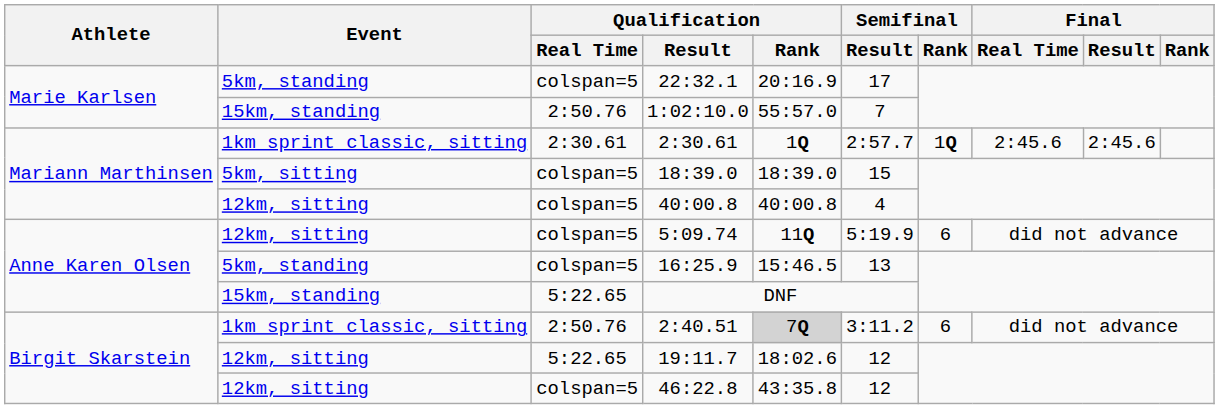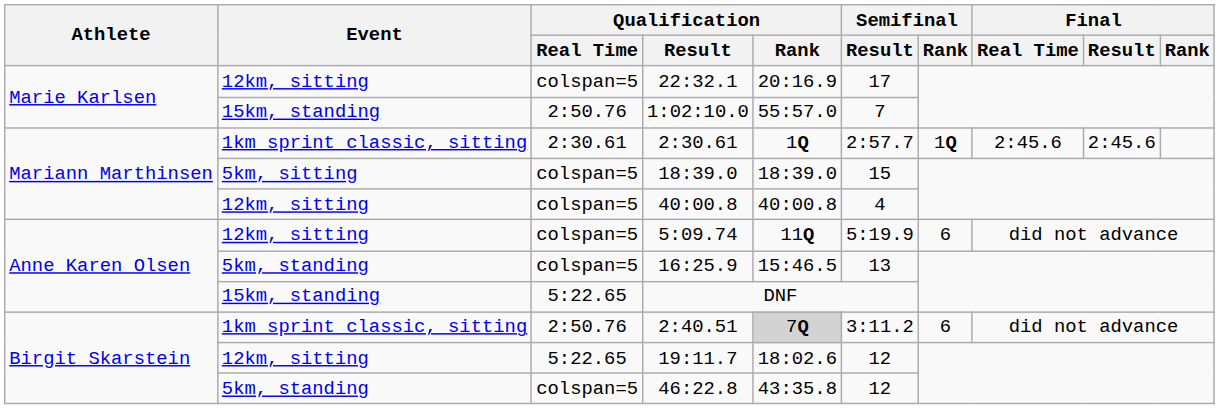 <table class="wikitable" style="font-size:100%">
 <tr>
 <th rowspan="2">Athlete</th>
 <th rowspan="2">Event</th>
 <th colspan="3">Qualification</th>
 <th colspan="2">Semifinal</th>
 <th colspan="3">Final</th>
 </tr>
 <tr>
 <th>Real Time</th>
 <th>Result</th>
 <th>Rank</th>
 <th>Result</th>
 <th>Rank</th>
 <th>Real Time</th>
 <th>Result</th>
 <th>Rank</th>
 </tr>
 <tr>
 <td rowspan=2><a href='#'>Marie Karlsen</a></td>
-<td><a href='#'>5km, standing</a></td>
+<td><a href='#'>12km, sitting</a></td>
 <td>colspan=5 </td>
 <td align="center">22:32.1</td>
 <td align="center">20:16.9</td>
 <td align="center">17</td>
 </tr>
 <tr>
 <td><a href='#'>15km, standing</a></td>
 <td align="center">2:50.76</td>
 <td align="center">1:02:10.0</td>
 <td align="center">55:57.0</td>
 <td align="center">7</td>
 </tr>
 <tr>
 <td rowspan=3><a href='#'>Mariann Marthinsen</a></td>
 <td><a href='#'>1km sprint classic, sitting</a></td>
 <td align="center">2:30.61</td>
 <td align="center">2:30.61</td>
 <td align="center">1<strong>Q</strong></td>
 <td align="center">2:57.7</td>
 <td align="center">1<strong>Q</strong></td>
 <td align="center">2:45.6</td>
 <td align="center">2:45.6</td>
 <td align="center"></td>
 </tr>
 <tr>
 <td><a href='#'>5km, sitting</a></td>
 <td>colspan=5 </td>
 <td align="center">18:39.0</td>
 <td align="center">18:39.0</td>
 <td align="center">15</td>
 </tr>
 <tr>
 <td><a href='#'>12km, sitting</a></td>
 <td>colspan=5 </td>
 <td align="center">40:00.8</td>
 <td align="center">40:00.8</td>
 <td align="center">4</td>
 </tr>
 <tr>
 <td rowspan=3><a href='#'>Anne Karen Olsen</a></td>
 <td><a href='#'>12km, sitting</a></td>
 <td>colspan=5 </td>
 <td align="center">5:09.74</td>
 <td align="center">11<strong>Q</strong></td>
 <td align="center">5:19.9</td>
 <td align="center">6</td>
 <td colspan=3 align="center">did not advance</td>
 </tr>
 <tr>
 <td><a href='#'>5km, standing</a></td>
 <td>colspan=5 </td>
 <td align="center">16:25.9</td>
 <td align="center">15:46.5</td>
 <td align="center">13</td>
 </tr>
 <tr>
 <td><a href='#'>15km, standing</a></td>
 <td align="center">5:22.65</td>
 <td align="center" colspan=3>DNF</td>
 </tr>
 <tr>
 <td rowspan=3><a href='#'>Birgit Skarstein</a></td>
 <td><a href='#'>1km sprint classic, sitting</a></td>
 <td align="center">2:50.76</td>
 <td align="center">2:40.51</td>
 <td align="center" style="background: lightgrey;">7<strong>Q</strong></td>
 <td align="center">3:11.2</td>
 <td align="center">6</td>
 <td colspan=3 align="center">did not advance</td>
 </tr>
 <tr>
 <td><a href='#'>12km, sitting</a></td>
 <td align="center">5:22.65</td>
 <td align="center">19:11.7</td>
 <td align="center">18:02.6</td>
 <td align="center">12</td>
 </tr>
 <tr>
-<td><a href='#'>12km, sitting</a></td>
+<td><a href='#'>5km, standing</a></td>
 <td>colspan=5 </td>
 <td align="center">46:22.8</td>
 <td align="center">43:35.8</td>
 <td align="center">12</td>
 </tr>
 </table>
